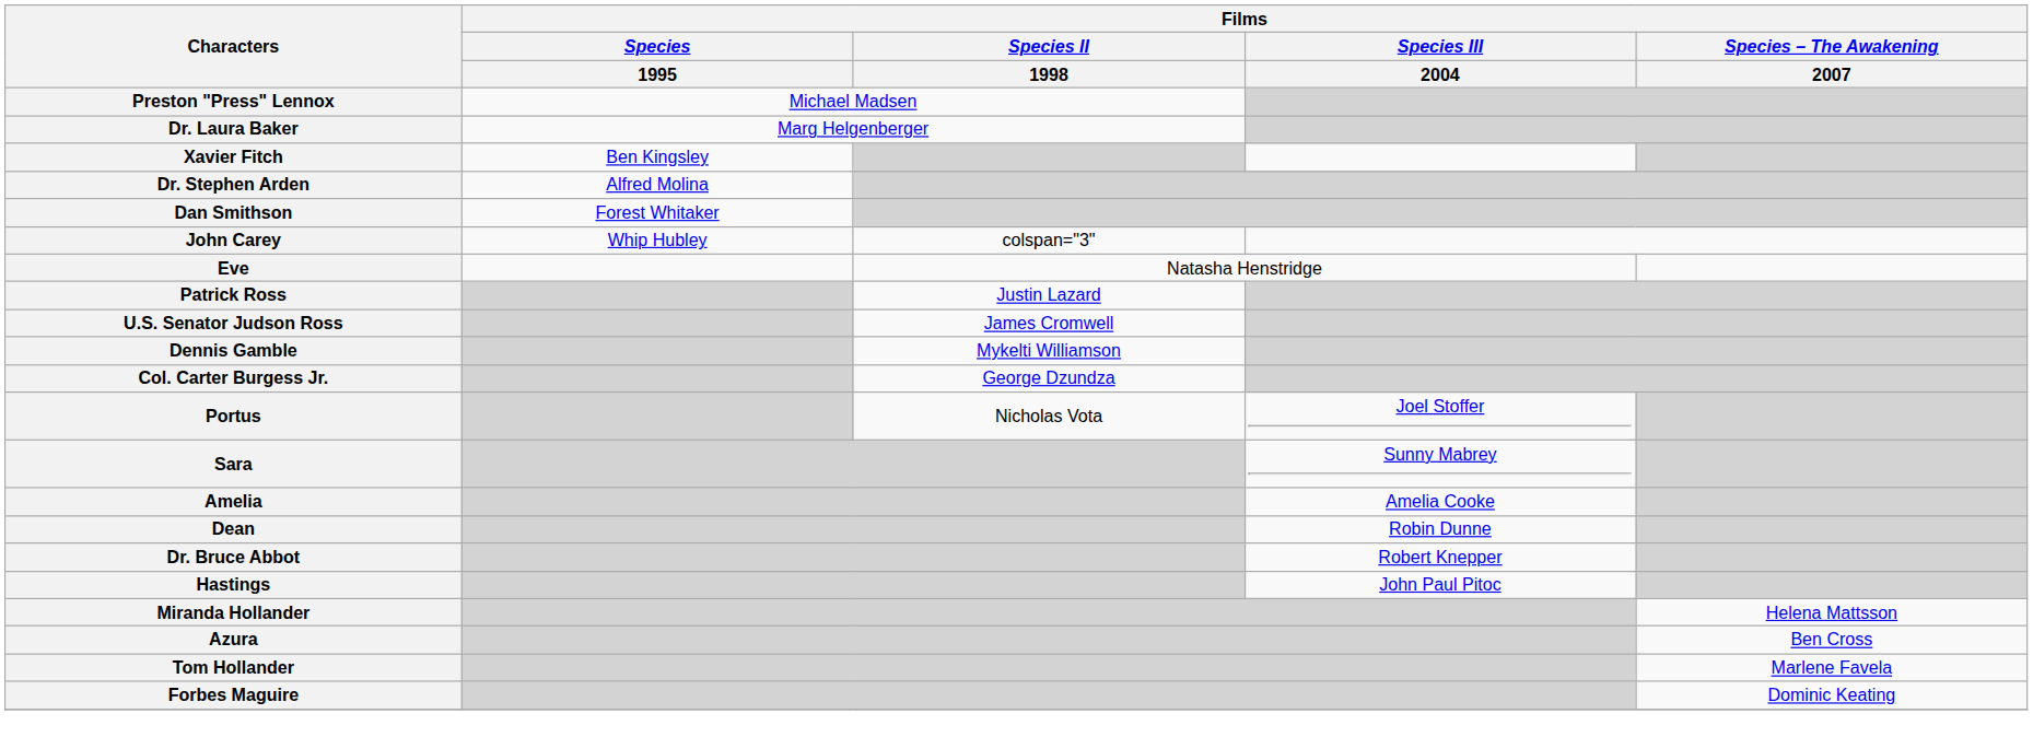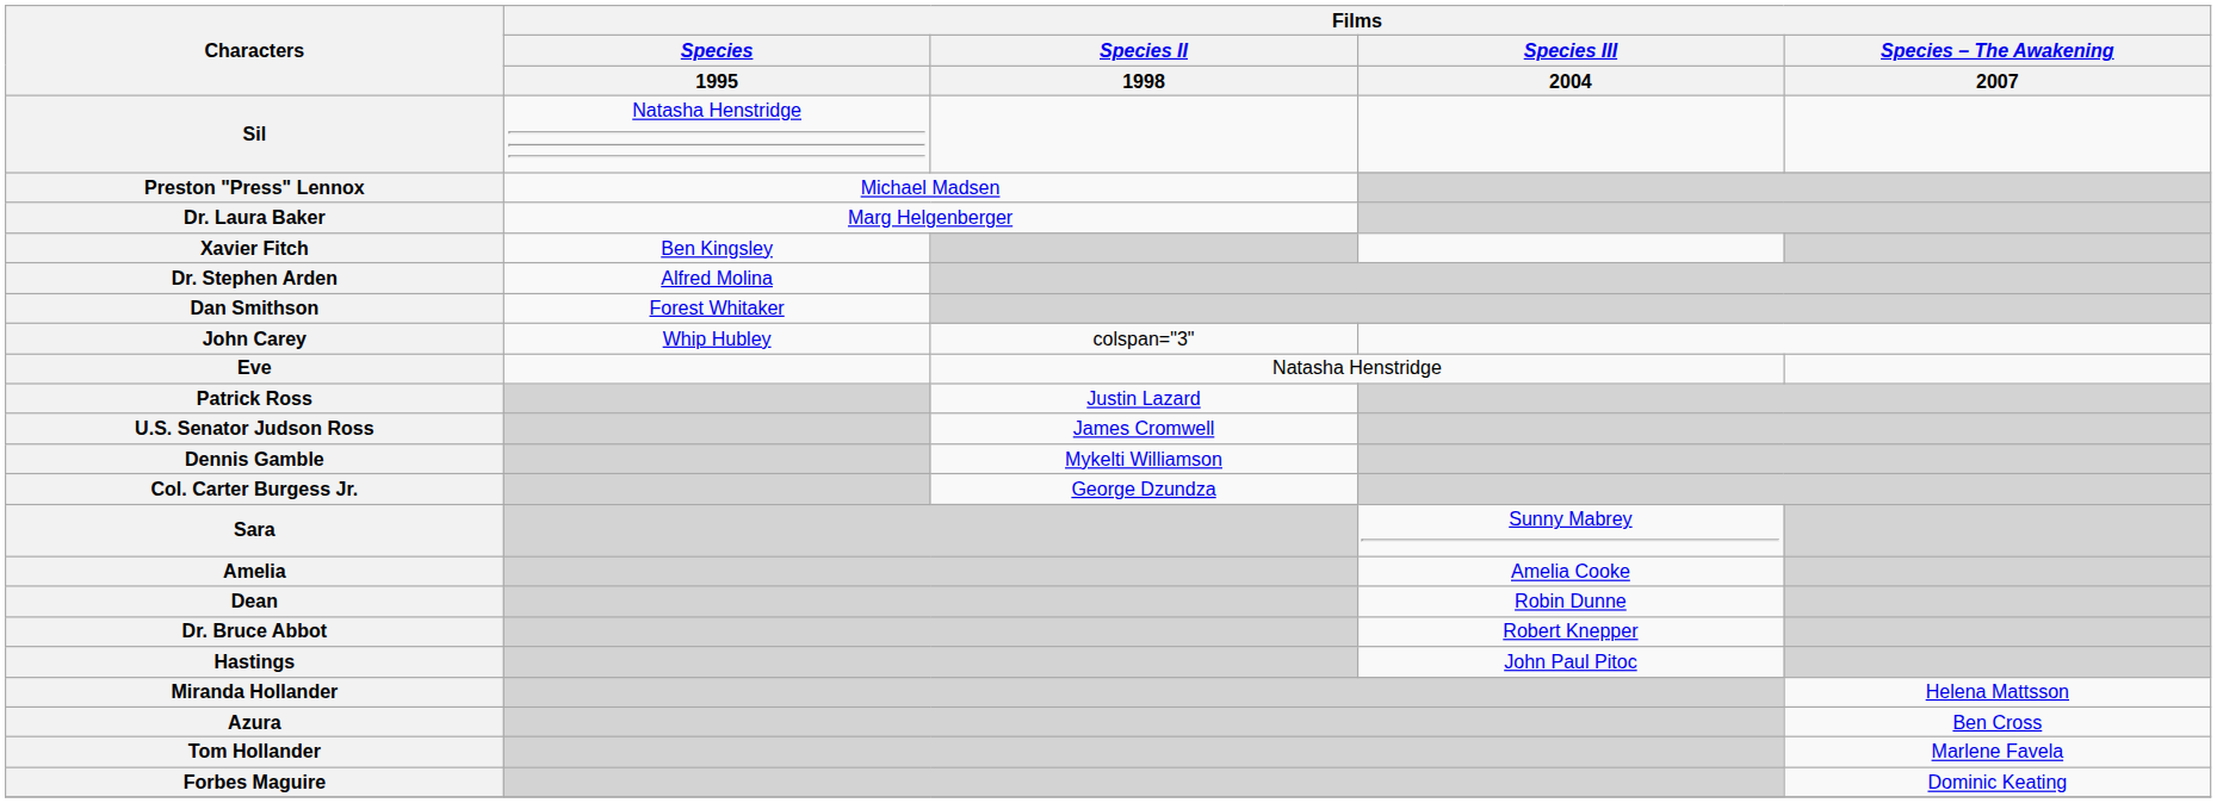 <table class="wikitable" style="text-align:center; width:99%; font-size:85%">
 <tr>
 <th rowspan="3" style="width:14%;">Characters</th>
 <th colspan="4">Films</th>
 </tr>
 <tr>
 <th style="width:12%;"><em><a href='#'>Species</a></em></th>
 <th style="width:12%;"><em><a href='#'>Species II</a></em></th>
 <th style="width:12%;"><em><a href='#'>Species III</a></em></th>
 <th style="width:12%;"><em><a href='#'>Species – The Awakening</a></em></th>
 </tr>
 <tr>
 <th>1995</th>
 <th>1998</th>
 <th>2004</th>
 <th>2007</th>
+</tr>
+<tr>
+<th>Sil</th>
+<td><a href='#'>Natasha Henstridge</a><hr><hr><hr></td>
+<td></td>
+<td></td>
+<td></td>
 </tr>
 <tr>
 <th>Preston "Press" Lennox</th>
 <td colspan="2"><a href='#'>Michael Madsen</a></td>
 <td colspan="2" style="background:lightgrey;"> </td>
 </tr>
 <tr>
 <th>Dr. Laura Baker</th>
 <td colspan="2"><a href='#'>Marg Helgenberger</a></td>
 <td colspan="2" style="background:lightgrey;"> </td>
 </tr>
 <tr>
 <th>Xavier Fitch</th>
 <td><a href='#'>Ben Kingsley</a></td>
 <td style="background:lightgrey;"> </td>
 <td></td>
 <td style="background:lightgrey;"> </td>
 </tr>
 <tr>
 <th>Dr. Stephen Arden</th>
 <td><a href='#'>Alfred Molina</a></td>
 <td colspan="3" style="background:lightgrey;"> </td>
 </tr>
 <tr>
 <th>Dan Smithson</th>
 <td><a href='#'>Forest Whitaker</a></td>
 <td colspan="3" style="background:lightgrey;"> </td>
 </tr>
 <tr>
 <th>John Carey</th>
 <td><a href='#'>Whip Hubley</a></td>
 <td>colspan="3" </td>
 </tr>
 <tr>
 <th>Eve</th>
 <td></td>
 <td colspan="2">Natasha Henstridge</td>
 <td></td>
 </tr>
 <tr>
 <th>Patrick Ross</th>
 <td style="background:lightgrey;"> </td>
 <td><a href='#'>Justin Lazard</a></td>
 <td colspan="2" style="background:lightgrey;"> </td>
 </tr>
 <tr>
 <th>U.S. Senator Judson Ross</th>
 <td style="background:lightgrey;"> </td>
 <td><a href='#'>James Cromwell</a></td>
 <td colspan="2" style="background:lightgrey;"> </td>
 </tr>
 <tr>
 <th>Dennis Gamble</th>
 <td style="background:lightgrey;"> </td>
 <td><a href='#'>Mykelti Williamson</a></td>
 <td colspan="2" style="background:lightgrey;"> </td>
 </tr>
 <tr>
 <th>Col. Carter Burgess Jr.</th>
 <td style="background:lightgrey;"> </td>
 <td><a href='#'>George Dzundza</a></td>
 <td colspan="2" style="background:lightgrey;"> </td>
 </tr>
 <tr>
-<th>Portus</th>
-<td style="background:lightgrey;"> </td>
-<td>Nicholas Vota</td>
-<td><a href='#'>Joel Stoffer</a><hr></td>
-<td style="background:lightgrey;"> </td>
-</tr>
-<tr>
 <th>Sara</th>
 <td colspan="2" style="background:lightgrey;"> </td>
 <td><a href='#'>Sunny Mabrey</a><hr> </td>
 <td style="background:lightgrey;"> </td>
 </tr>
 <tr>
 <th>Amelia</th>
 <td colspan="2" style="background:lightgrey;"> </td>
 <td><a href='#'>Amelia Cooke</a></td>
 <td style="background:lightgrey;"> </td>
 </tr>
 <tr>
 <th>Dean</th>
 <td colspan="2" style="background:lightgrey;"> </td>
 <td><a href='#'>Robin Dunne</a></td>
 <td style="background:lightgrey;"> </td>
 </tr>
 <tr>
 <th>Dr. Bruce Abbot</th>
 <td colspan="2" style="background:lightgrey;"> </td>
 <td><a href='#'>Robert Knepper</a></td>
 <td style="background:lightgrey;"> </td>
 </tr>
 <tr>
 <th>Hastings</th>
 <td colspan="2" style="background:lightgrey;"> </td>
 <td><a href='#'>John Paul Pitoc</a></td>
 <td style="background:lightgrey;"> </td>
 </tr>
 <tr>
 <th>Miranda Hollander</th>
 <td colspan="3" style="background:lightgrey;"> </td>
 <td><a href='#'>Helena Mattsson</a></td>
 </tr>
 <tr>
 <th>Azura</th>
 <td colspan="3" style="background:lightgrey;"> </td>
 <td><a href='#'>Ben Cross</a></td>
 </tr>
 <tr>
 <th>Tom Hollander</th>
 <td colspan="3" style="background:lightgrey;"> </td>
 <td><a href='#'>Marlene Favela</a></td>
 </tr>
 <tr>
 <th>Forbes Maguire</th>
 <td colspan="3" style="background:lightgrey;"> </td>
 <td><a href='#'>Dominic Keating</a></td>
 </tr>
 <tr>
 </tr>
 </table>
